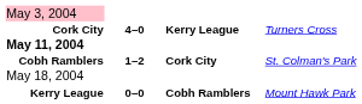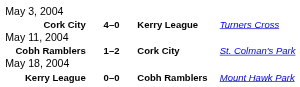 <table width=100% cellspacing=1>
 <tr>
 <th width=20%></th>
 <th width=12%></th>
 <th width=20%></th>
 <th></th>
 </tr>
 <tr>
-<td style="background: pink;">May 3, 2004</td>
+<td>May 3, 2004</td>
 </tr>
 <tr style=font-size:90%>
 <td align=right><strong>Cork City</strong></td>
 <td align=center><strong>4–0</strong></td>
 <td><strong>Kerry League</strong></td>
 <td><em><a href='#'>Turners Cross</a></em></td>
 </tr>
 <tr>
-<td><strong>May 11, 2004</strong></td>
+<td>May 11, 2004</td>
 </tr>
 <tr style=font-size:90%>
 <td align=right><strong>Cobh Ramblers</strong></td>
 <td align=center><strong>1–2</strong></td>
 <td><strong>Cork City</strong></td>
 <td><em><a href='#'>St. Colman's Park</a></em></td>
 </tr>
 <tr>
 <td>May 18, 2004</td>
 </tr>
 <tr style=font-size:90%>
 <td align=right><strong>Kerry League</strong></td>
 <td align=center><strong>0–0</strong></td>
 <td><strong>Cobh Ramblers</strong></td>
 <td><em><a href='#'>Mount Hawk Park</a></em></td>
 </tr>
 </table>
